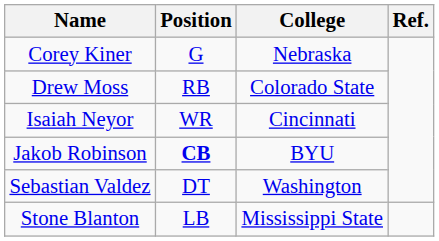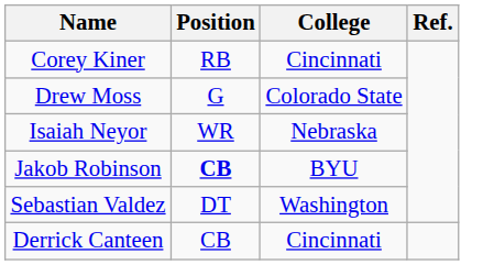 <table class="wikitable" style="text-align:center">
 <tr>
 <th>Name</th>
 <th>Position</th>
 <th>College</th>
 <th>Ref.</th>
 </tr>
 <tr>
 <td><a href='#'>Corey Kiner</a></td>
-<td><a href='#'>G</a></td>
-<td><a href='#'>Nebraska</a></td>
+<td><a href='#'>RB</a></td>
+<td><a href='#'>Cincinnati</a></td>
 <td rowspan="5"></td>
 </tr>
 <tr>
 <td><a href='#'>Drew Moss</a></td>
-<td><a href='#'>RB</a></td>
+<td><a href='#'>G</a></td>
 <td><a href='#'>Colorado State</a></td>
 </tr>
 <tr>
 <td><a href='#'>Isaiah Neyor</a></td>
 <td><a href='#'>WR</a></td>
-<td><a href='#'>Cincinnati</a></td>
+<td><a href='#'>Nebraska</a></td>
 </tr>
 <tr>
 <td><a href='#'>Jakob Robinson</a></td>
 <td><strong><a href='#'>CB</a></strong></td>
 <td><a href='#'>BYU</a></td>
 </tr>
 <tr>
 <td><a href='#'>Sebastian Valdez</a></td>
 <td><a href='#'>DT</a></td>
 <td><a href='#'>Washington</a></td>
 </tr>
 <tr>
-<td><a href='#'>Stone Blanton</a></td>
-<td><a href='#'>LB</a></td>
-<td><a href='#'>Mississippi State</a></td>
+<td><a href='#'>Derrick Canteen</a></td>
+<td><a href='#'>CB</a></td>
+<td><a href='#'>Cincinnati</a></td>
 <td></td>
 </tr>
 </table>
